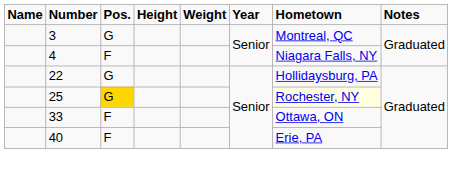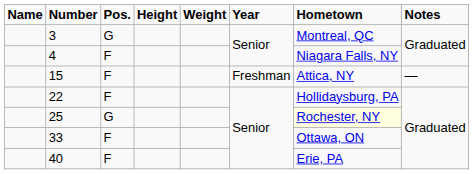 <table class="wikitable sortable" border="1">
 <tr>
 <td><strong>Name</strong></td>
 <td><strong>Number</strong></td>
 <td><strong>Pos.</strong></td>
 <td><strong>Height</strong></td>
 <td><strong>Weight</strong></td>
 <td><strong>Year</strong></td>
 <td><strong>Hometown</strong></td>
 <td><strong>Notes</strong></td>
 </tr>
 <tr>
 <td></td>
 <td>3</td>
 <td>G</td>
 <td></td>
 <td></td>
 <td rowspan="2">Senior</td>
 <td><a href='#'>Montreal, QC</a></td>
 <td rowspan="2">Graduated</td>
 </tr>
 <tr>
 <td></td>
 <td>4</td>
 <td>F</td>
 <td></td>
 <td></td>
 <td><a href='#'>Niagara Falls, NY</a></td>
 </tr>
 <tr>
 <td></td>
+<td>15</td>
+<td>F</td>
+<td></td>
+<td></td>
+<td>Freshman</td>
+<td><a href='#'>Attica, NY</a></td>
+<td>—</td>
+</tr>
+<tr>
+<td></td>
 <td>22</td>
-<td>G</td>
+<td>F</td>
 <td></td>
 <td></td>
 <td rowspan="4">Senior</td>
 <td><a href='#'>Hollidaysburg, PA</a></td>
 <td rowspan="4">Graduated</td>
 </tr>
 <tr>
 <td></td>
 <td>25</td>
-<td style="background: gold;">G</td>
+<td>G</td>
 <td></td>
 <td></td>
 <td style="background: lightyellow;"><a href='#'>Rochester, NY</a></td>
 </tr>
 <tr>
 <td></td>
 <td>33</td>
 <td>F</td>
 <td></td>
 <td></td>
 <td><a href='#'>Ottawa, ON</a></td>
 </tr>
 <tr>
 <td></td>
 <td>40</td>
 <td>F</td>
 <td></td>
 <td></td>
 <td><a href='#'>Erie, PA</a></td>
 </tr>
 </table>
